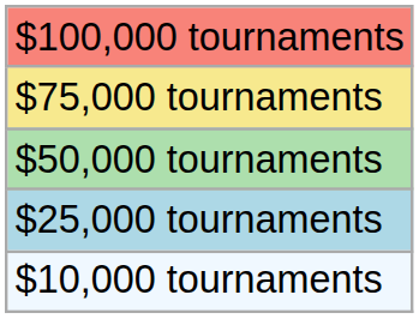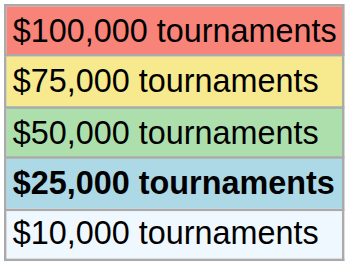 <table class="wikitable" style="font-size:85%;">
 <tr style="background:#f88379;">
 <td>$100,000 tournaments</td>
 </tr>
 <tr style="background:#f7e98e;">
 <td>$75,000 tournaments</td>
 </tr>
 <tr style="background:#addfad;">
 <td>$50,000 tournaments</td>
 </tr>
 <tr style="background:lightblue;">
-<td>$25,000 tournaments</td>
+<td><strong>$25,000 tournaments</strong></td>
 </tr>
 <tr style="background:#f0f8ff;">
 <td>$10,000 tournaments</td>
 </tr>
 </table>
